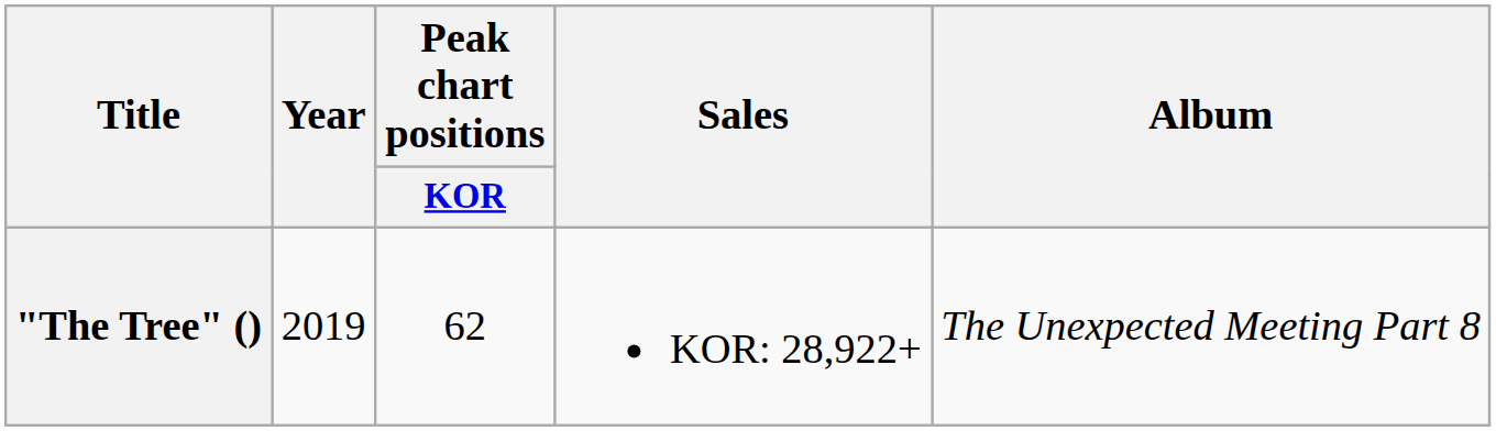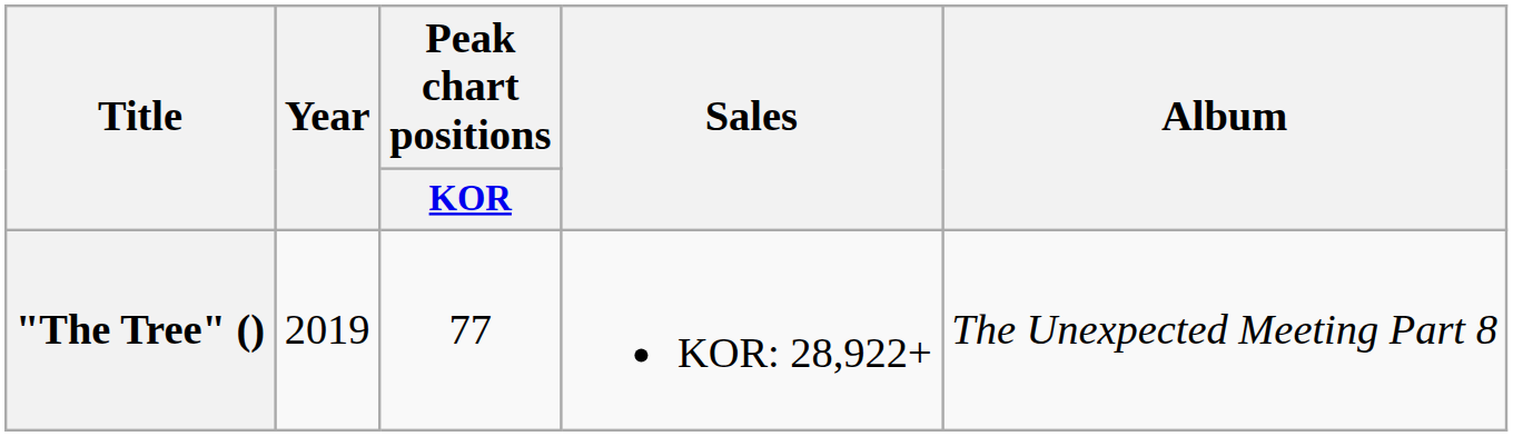 <table class="wikitable plainrowheaders" style="text-align:center;">
 <tr>
 <th scope="col" rowspan="2">Title</th>
 <th scope="col" rowspan="2">Year</th>
 <th scope="col" colspan="1">Peak chart positions</th>
 <th scope="col" rowspan="2">Sales</th>
 <th scope="col" rowspan="2">Album</th>
 </tr>
 <tr>
 <th scope="col" style="width:2.75em;font-size:85%;"><a href='#'>KOR</a><br></th>
 </tr>
 <tr>
 <th scope="row">"The Tree" ()<br></th>
 <td>2019</td>
-<td>62</td>
+<td>77</td>
 <td><br><ul><li>KOR: 28,922+</li></ul></td>
 <td><em>The Unexpected Meeting Part 8</em></td>
 </tr>
 </table>
